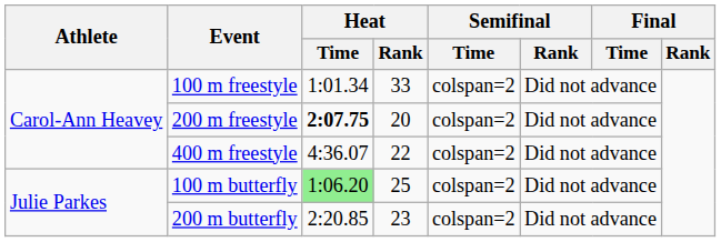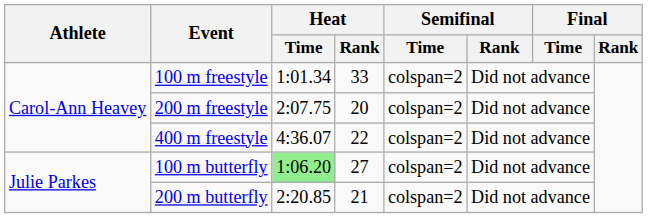 <table class=wikitable style="font-size:90%;">
 <tr>
 <th rowspan=2>Athlete</th>
 <th rowspan=2>Event</th>
 <th colspan=2>Heat</th>
 <th colspan=2>Semifinal</th>
 <th colspan=2>Final</th>
 </tr>
 <tr style="font-size:95%">
 <th>Time</th>
 <th>Rank</th>
 <th>Time</th>
 <th>Rank</th>
 <th>Time</th>
 <th>Rank</th>
 </tr>
 <tr align=center>
 <td rowspan=3 align=left><a href='#'>Carol-Ann Heavey</a></td>
 <td align=left><a href='#'>100 m freestyle</a></td>
 <td>1:01.34</td>
 <td>33</td>
 <td>colspan=2 </td>
 <td colspan=2>Did not advance</td>
 </tr>
 <tr align=center>
 <td align=left><a href='#'>200 m freestyle</a></td>
-<td><strong>2:07.75</strong></td>
+<td>2:07.75</td>
 <td>20</td>
 <td>colspan=2 </td>
 <td colspan=2>Did not advance</td>
 </tr>
 <tr align=center>
 <td align=left><a href='#'>400 m freestyle</a></td>
 <td>4:36.07</td>
 <td>22</td>
 <td>colspan=2 </td>
 <td colspan=2>Did not advance</td>
 </tr>
 <tr align=center>
 <td rowspan=2 align=left><a href='#'>Julie Parkes</a></td>
 <td align=left><a href='#'>100 m butterfly</a></td>
 <td style="background: lightgreen;">1:06.20</td>
-<td>25</td>
+<td>27</td>
 <td>colspan=2 </td>
 <td colspan=2>Did not advance</td>
 </tr>
 <tr align=center>
 <td align=left><a href='#'>200 m butterfly</a></td>
 <td>2:20.85</td>
-<td>23</td>
+<td>21</td>
 <td>colspan=2 </td>
 <td colspan=2>Did not advance</td>
 </tr>
 </table>
